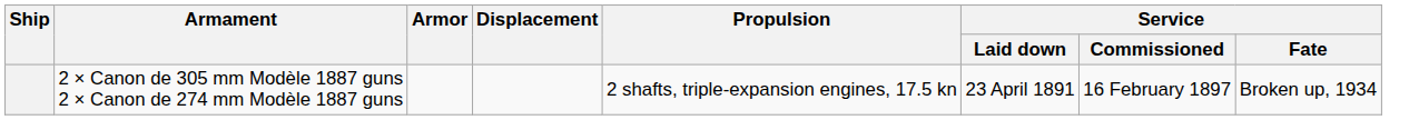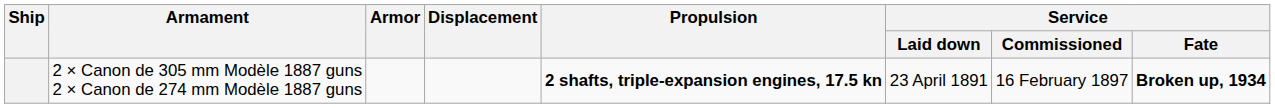 <table class="wikitable plainrowheaders" style="text-align: center;">
 <tr valign="top">
 <th scope="col" rowspan="2">Ship</th>
 <th scope="col" rowspan="2">Armament</th>
 <th scope="col" rowspan="2">Armor</th>
 <th scope="col" rowspan="2">Displacement</th>
 <th scope="col" rowspan="2">Propulsion</th>
 <th scope="col" colspan="3">Service</th>
 </tr>
 <tr valign="top">
 <th scope="col">Laid down</th>
 <th scope="col">Commissioned</th>
 <th scope="col">Fate</th>
 </tr>
 <tr valign="center">
 <th scope="row"></th>
 <td>2 × Canon de 305 mm Modèle 1887 guns<br>2 × Canon de 274 mm Modèle 1887 guns</td>
 <td></td>
 <td></td>
-<td>2 shafts, triple-expansion engines, 17.5 kn</td>
+<td><strong>2 shafts, triple-expansion engines, 17.5 kn</strong></td>
 <td>23 April 1891</td>
 <td>16 February 1897</td>
-<td>Broken up, 1934</td>
+<td><strong>Broken up, 1934</strong></td>
 </tr>
 </table>
